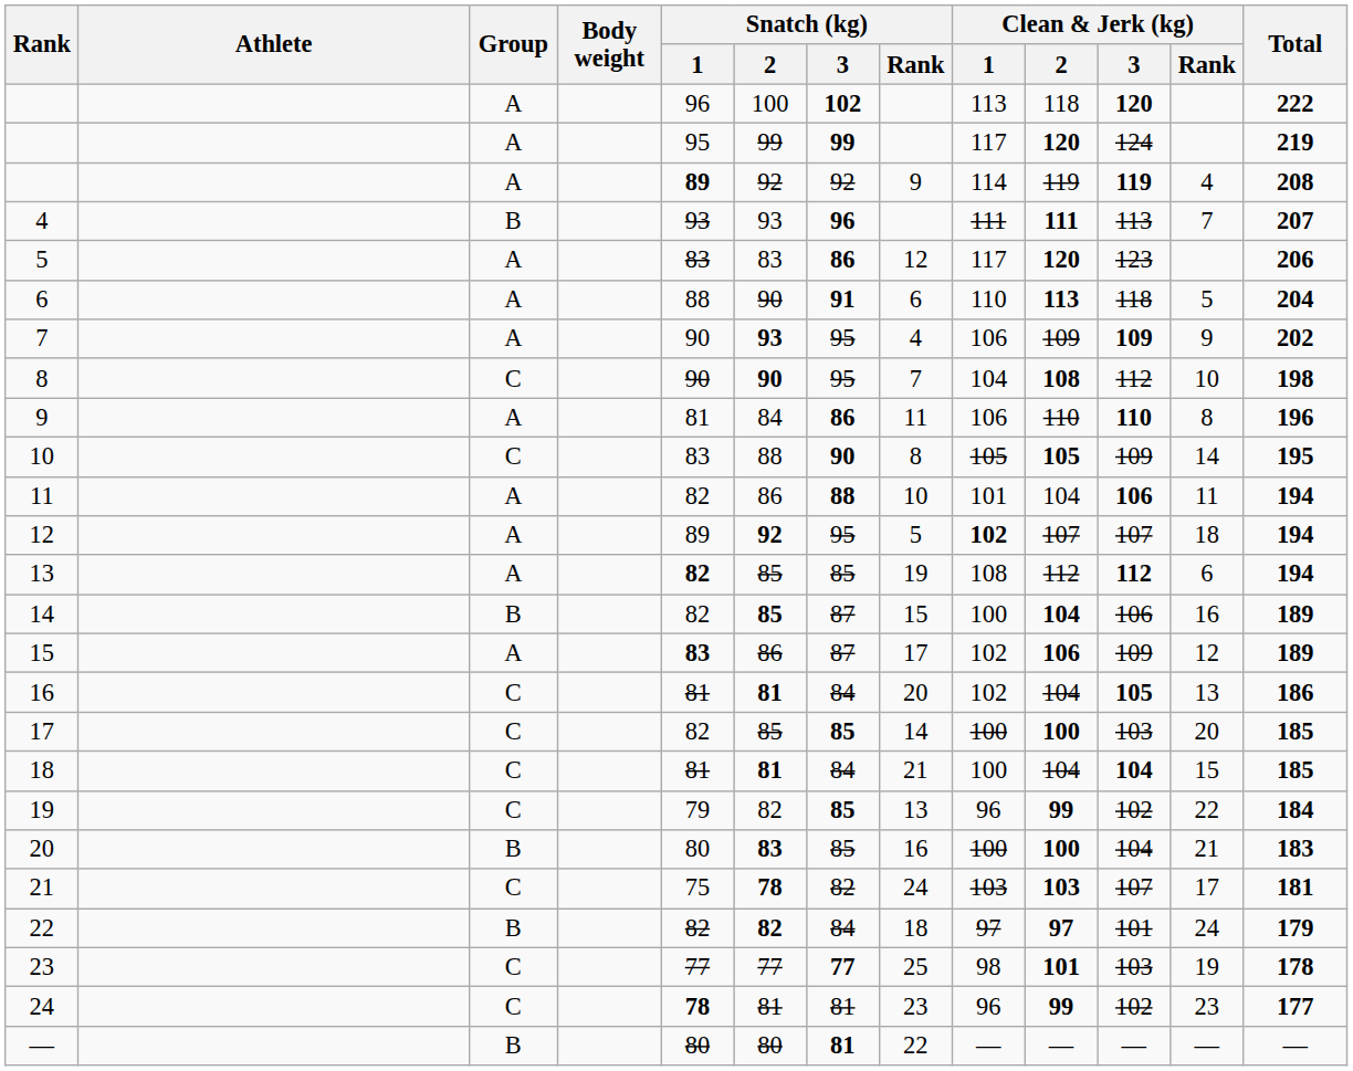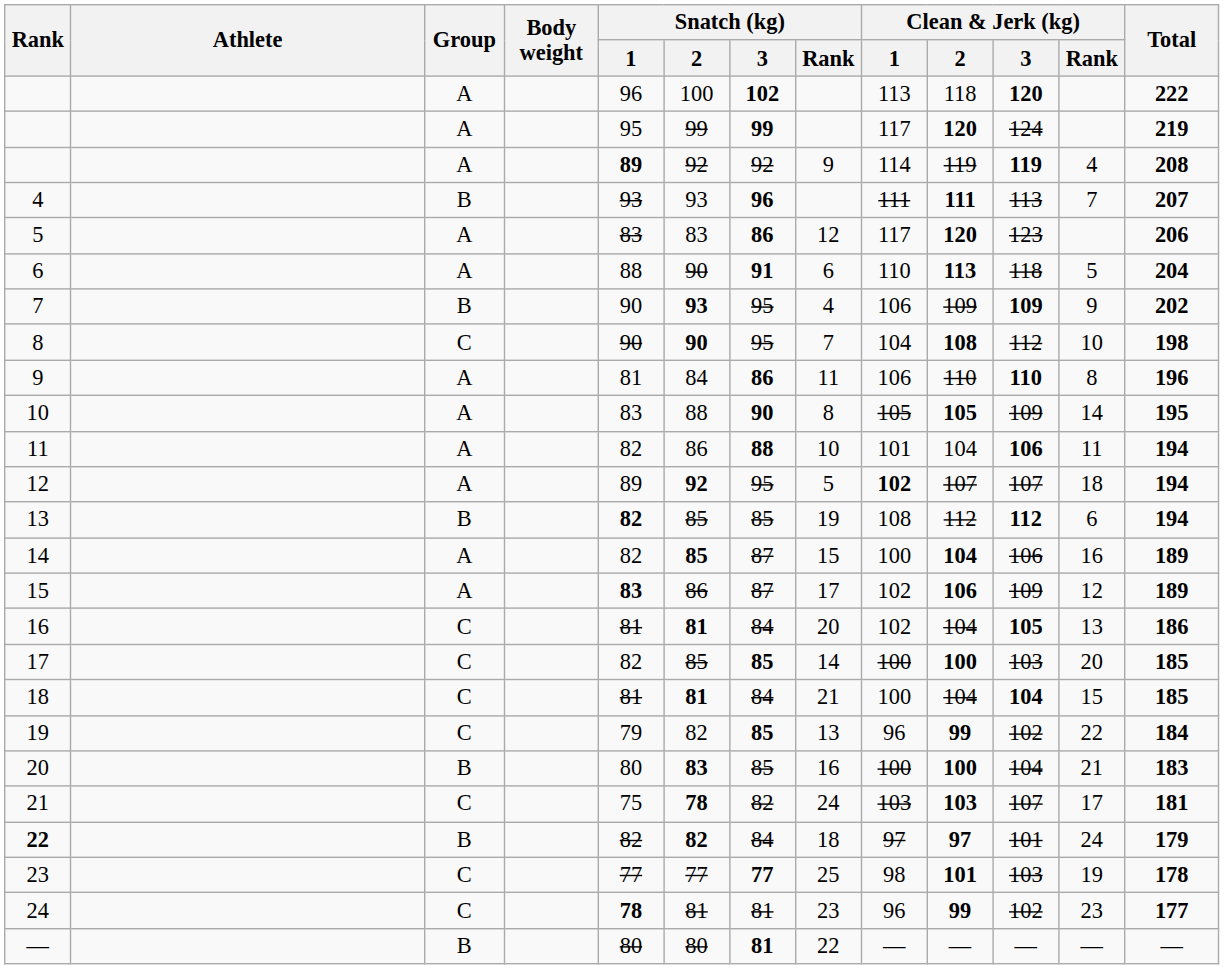 <table class = "wikitable" style="text-align:center;">
 <tr>
 <th rowspan=2 width=40>Rank</th>
 <th rowspan=2 width=250>Athlete</th>
 <th rowspan=2 width=50>Group</th>
 <th rowspan=2 width=60>Body weight</th>
 <th colspan=4>Snatch (kg)</th>
 <th colspan=4>Clean & Jerk (kg)</th>
 <th rowspan=2 width=60>Total</th>
 </tr>
 <tr>
 <th width=40>1</th>
 <th width=40>2</th>
 <th width=40>3</th>
 <th width=40>Rank</th>
 <th width=40>1</th>
 <th width=40>2</th>
 <th width=40>3</th>
 <th width=40>Rank</th>
 </tr>
 <tr>
 <td></td>
 <td align=left></td>
 <td>A</td>
 <td></td>
 <td>96</td>
 <td>100</td>
 <td><strong>102</strong></td>
 <td></td>
 <td>113</td>
 <td>118</td>
 <td><strong>120</strong></td>
 <td></td>
 <td><strong>222</strong></td>
 </tr>
 <tr>
 <td></td>
 <td align=left></td>
 <td>A</td>
 <td></td>
 <td>95</td>
 <td><s>99</s></td>
 <td><strong>99</strong></td>
 <td></td>
 <td>117</td>
 <td><strong>120</strong></td>
 <td><s>124</s></td>
 <td></td>
 <td><strong>219</strong></td>
 </tr>
 <tr>
 <td></td>
 <td align=left></td>
 <td>A</td>
 <td></td>
 <td><strong>89</strong></td>
 <td><s>92</s></td>
 <td><s>92</s></td>
 <td>9</td>
 <td>114</td>
 <td><s>119</s></td>
 <td><strong>119</strong></td>
 <td>4</td>
 <td><strong>208</strong></td>
 </tr>
 <tr>
 <td>4</td>
 <td align=left></td>
 <td>B</td>
 <td></td>
 <td><s>93</s></td>
 <td>93</td>
 <td><strong>96</strong></td>
 <td></td>
 <td><s>111</s></td>
 <td><strong>111</strong></td>
 <td><s>113</s></td>
 <td>7</td>
 <td><strong>207</strong></td>
 </tr>
 <tr>
 <td>5</td>
 <td align=left></td>
 <td>A</td>
 <td></td>
 <td><s>83</s></td>
 <td>83</td>
 <td><strong>86</strong></td>
 <td>12</td>
 <td>117</td>
 <td><strong>120</strong></td>
 <td><s>123</s></td>
 <td></td>
 <td><strong>206</strong></td>
 </tr>
 <tr>
 <td>6</td>
 <td align=left></td>
 <td>A</td>
 <td></td>
 <td>88</td>
 <td><s>90</s></td>
 <td><strong>91</strong></td>
 <td>6</td>
 <td>110</td>
 <td><strong>113</strong></td>
 <td><s>118</s></td>
 <td>5</td>
 <td><strong>204</strong></td>
 </tr>
 <tr>
 <td>7</td>
 <td align=left></td>
-<td>A</td>
+<td>B</td>
 <td></td>
 <td>90</td>
 <td><strong>93</strong></td>
 <td><s>95</s></td>
 <td>4</td>
 <td>106</td>
 <td><s>109</s></td>
 <td><strong>109</strong></td>
 <td>9</td>
 <td><strong>202</strong></td>
 </tr>
 <tr>
 <td>8</td>
 <td align=left></td>
 <td>C</td>
 <td></td>
 <td><s>90</s></td>
 <td><strong>90</strong></td>
 <td><s>95</s></td>
 <td>7</td>
 <td>104</td>
 <td><strong>108</strong></td>
 <td><s>112</s></td>
 <td>10</td>
 <td><strong>198</strong></td>
 </tr>
 <tr>
 <td>9</td>
 <td align=left></td>
 <td>A</td>
 <td></td>
 <td>81</td>
 <td>84</td>
 <td><strong>86</strong></td>
 <td>11</td>
 <td>106</td>
 <td><s>110</s></td>
 <td><strong>110</strong></td>
 <td>8</td>
 <td><strong>196</strong></td>
 </tr>
 <tr>
 <td>10</td>
 <td align=left></td>
-<td>C</td>
+<td>A</td>
 <td></td>
 <td>83</td>
 <td>88</td>
 <td><strong>90</strong></td>
 <td>8</td>
 <td><s>105</s></td>
 <td><strong>105</strong></td>
 <td><s>109</s></td>
 <td>14</td>
 <td><strong>195</strong></td>
 </tr>
 <tr>
 <td>11</td>
 <td align=left></td>
 <td>A</td>
 <td></td>
 <td>82</td>
 <td>86</td>
 <td><strong>88</strong></td>
 <td>10</td>
 <td>101</td>
 <td>104</td>
 <td><strong>106</strong></td>
 <td>11</td>
 <td><strong>194</strong></td>
 </tr>
 <tr>
 <td>12</td>
 <td align=left></td>
 <td>A</td>
 <td></td>
 <td>89</td>
 <td><strong>92</strong></td>
 <td><s>95</s></td>
 <td>5</td>
 <td><strong>102</strong></td>
 <td><s>107</s></td>
 <td><s>107</s></td>
 <td>18</td>
 <td><strong>194</strong></td>
 </tr>
 <tr>
 <td>13</td>
 <td align=left></td>
-<td>A</td>
+<td>B</td>
 <td></td>
 <td><strong>82</strong></td>
 <td><s>85</s></td>
 <td><s>85</s></td>
 <td>19</td>
 <td>108</td>
 <td><s>112</s></td>
 <td><strong>112</strong></td>
 <td>6</td>
 <td><strong>194</strong></td>
 </tr>
 <tr>
 <td>14</td>
 <td align=left></td>
-<td>B</td>
+<td>A</td>
 <td></td>
 <td>82</td>
 <td><strong>85</strong></td>
 <td><s>87</s></td>
 <td>15</td>
 <td>100</td>
 <td><strong>104</strong></td>
 <td><s>106</s></td>
 <td>16</td>
 <td><strong>189</strong></td>
 </tr>
 <tr>
 <td>15</td>
 <td align=left></td>
 <td>A</td>
 <td></td>
 <td><strong>83</strong></td>
 <td><s>86</s></td>
 <td><s>87</s></td>
 <td>17</td>
 <td>102</td>
 <td><strong>106</strong></td>
 <td><s>109</s></td>
 <td>12</td>
 <td><strong>189</strong></td>
 </tr>
 <tr>
 <td>16</td>
 <td align=left></td>
 <td>C</td>
 <td></td>
 <td><s>81</s></td>
 <td><strong>81</strong></td>
 <td><s>84</s></td>
 <td>20</td>
 <td>102</td>
 <td><s>104</s></td>
 <td><strong>105</strong></td>
 <td>13</td>
 <td><strong>186</strong></td>
 </tr>
 <tr>
 <td>17</td>
 <td align=left></td>
 <td>C</td>
 <td></td>
 <td>82</td>
 <td><s>85</s></td>
 <td><strong>85</strong></td>
 <td>14</td>
 <td><s>100</s></td>
 <td><strong>100</strong></td>
 <td><s>103</s></td>
 <td>20</td>
 <td><strong>185</strong></td>
 </tr>
 <tr>
 <td>18</td>
 <td align=left></td>
 <td>C</td>
 <td></td>
 <td><s>81</s></td>
 <td><strong>81</strong></td>
 <td><s>84</s></td>
 <td>21</td>
 <td>100</td>
 <td><s>104</s></td>
 <td><strong>104</strong></td>
 <td>15</td>
 <td><strong>185</strong></td>
 </tr>
 <tr>
 <td>19</td>
 <td align=left></td>
 <td>C</td>
 <td></td>
 <td>79</td>
 <td>82</td>
 <td><strong>85</strong></td>
 <td>13</td>
 <td>96</td>
 <td><strong>99</strong></td>
 <td><s>102</s></td>
 <td>22</td>
 <td><strong>184</strong></td>
 </tr>
 <tr>
 <td>20</td>
 <td align=left></td>
 <td>B</td>
 <td></td>
 <td>80</td>
 <td><strong>83</strong></td>
 <td><s>85</s></td>
 <td>16</td>
 <td><s>100</s></td>
 <td><strong>100</strong></td>
 <td><s>104</s></td>
 <td>21</td>
 <td><strong>183</strong></td>
 </tr>
 <tr>
 <td>21</td>
 <td align=left></td>
 <td>C</td>
 <td></td>
 <td>75</td>
 <td><strong>78</strong></td>
 <td><s>82</s></td>
 <td>24</td>
 <td><s>103</s></td>
 <td><strong>103</strong></td>
 <td><s>107</s></td>
 <td>17</td>
 <td><strong>181</strong></td>
 </tr>
 <tr>
-<td>22</td>
+<td><strong>22</strong></td>
 <td align=left></td>
 <td>B</td>
 <td></td>
 <td><s>82</s></td>
 <td><strong>82</strong></td>
 <td><s>84</s></td>
 <td>18</td>
 <td><s>97</s></td>
 <td><strong>97</strong></td>
 <td><s>101</s></td>
 <td>24</td>
 <td><strong>179</strong></td>
 </tr>
 <tr>
 <td>23</td>
 <td align=left></td>
 <td>C</td>
 <td></td>
 <td><s>77</s></td>
 <td><s>77</s></td>
 <td><strong>77</strong></td>
 <td>25</td>
 <td>98</td>
 <td><strong>101</strong></td>
 <td><s>103</s></td>
 <td>19</td>
 <td><strong>178</strong></td>
 </tr>
 <tr>
 <td>24</td>
 <td align=left></td>
 <td>C</td>
 <td></td>
 <td><strong>78</strong></td>
 <td><s>81</s></td>
 <td><s>81</s></td>
 <td>23</td>
 <td>96</td>
 <td><strong>99</strong></td>
 <td><s>102</s></td>
 <td>23</td>
 <td><strong>177</strong></td>
 </tr>
 <tr>
 <td>—</td>
 <td align=left></td>
 <td>B</td>
 <td></td>
 <td><s>80</s></td>
 <td><s>80</s></td>
 <td><strong>81</strong></td>
 <td>22</td>
 <td>—</td>
 <td>—</td>
 <td>—</td>
 <td>—</td>
 <td>—</td>
 </tr>
 </table>
